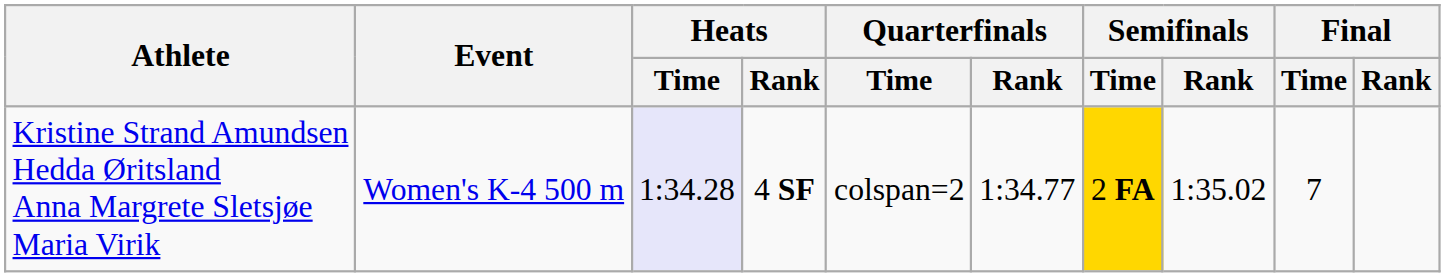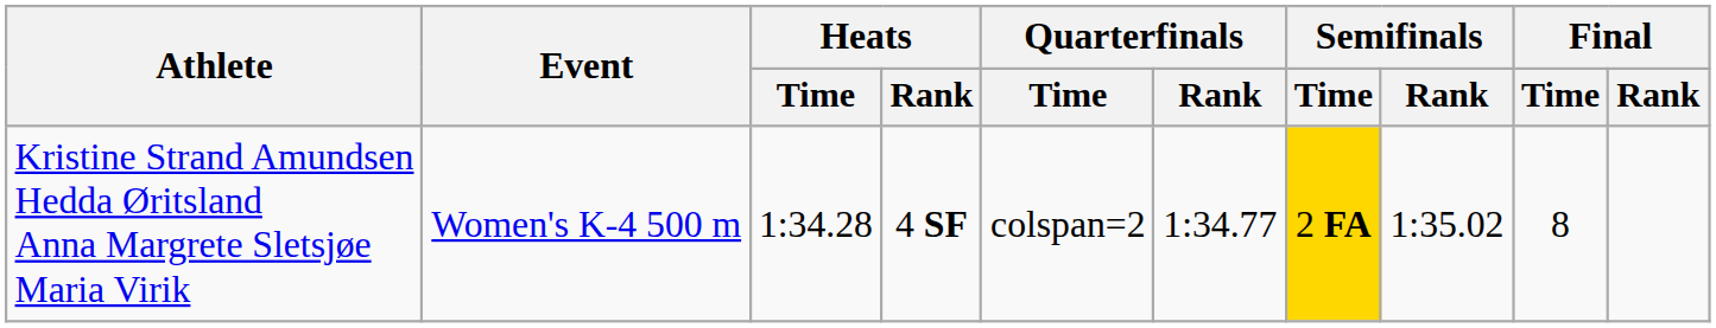 <table class=wikitable style="font-size:90%">
 <tr>
 <th rowspan="2">Athlete</th>
 <th rowspan="2">Event</th>
 <th colspan=2>Heats</th>
 <th colspan=2>Quarterfinals</th>
 <th colspan=2>Semifinals</th>
 <th colspan=2>Final</th>
 </tr>
 <tr style="font-size:95%">
 <th>Time</th>
 <th>Rank</th>
 <th>Time</th>
 <th>Rank</th>
 <th>Time</th>
 <th>Rank</th>
 <th>Time</th>
 <th>Rank</th>
 </tr>
 <tr align=center>
 <td align=left><a href='#'>Kristine Strand Amundsen</a><br><a href='#'>Hedda Øritsland</a><br><a href='#'>Anna Margrete Sletsjøe</a><br><a href='#'>Maria Virik</a></td>
 <td align=left><a href='#'>Women's K-4 500 m</a></td>
-<td style="background: lavender;">1:34.28</td>
+<td>1:34.28</td>
 <td>4 <strong>SF</strong></td>
 <td>colspan=2  </td>
 <td>1:34.77</td>
 <td style="background: gold;">2 <strong>FA</strong></td>
 <td>1:35.02</td>
-<td>7</td>
+<td>8</td>
 </tr>
 </table>
